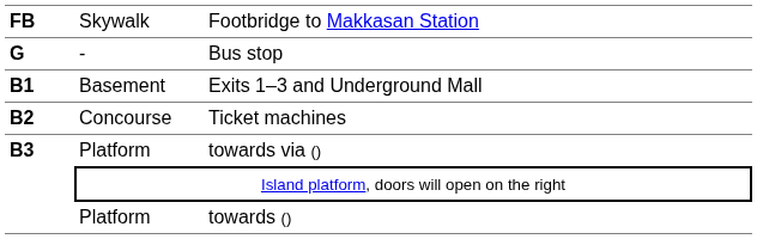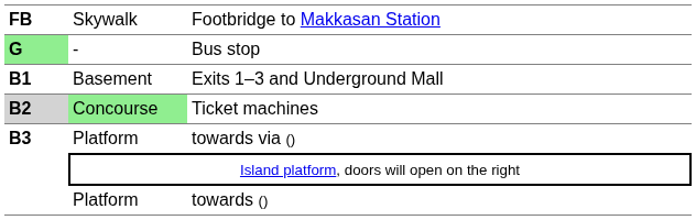 <table table border=0 cellspacing=0 cellpadding=4>
 <tr>
 <td style = "border-top:solid 1px gray;border-bottom:solid 1px gray;" valign=top><strong>FB</strong></td>
 <td style = "border-top:solid 1px gray;border-bottom:solid 1px gray;" valign=top>Skywalk</td>
 <td style = "border-top:solid 1px gray;border-bottom:solid 1px gray;" valign=top>Footbridge to <a href='#'>Makkasan Station</a></td>
 </tr>
 <tr>
-<td style = "border-bottom:solid 1px gray;" rowspan=1 valign=top><strong>G</strong></td>
+<td style = "background: lightgreen; border-bottom:solid 1px gray;" rowspan=1 valign=top><strong>G</strong></td>
 <td style = "border-bottom:solid 1px gray;" valign=top>-</td>
 <td style = "border-bottom:solid 1px gray;" valign=top>Bus stop</td>
 </tr>
 <tr>
 <td style = "border-bottom:solid 1px gray;" rowspan=1 valign=top><strong>B1</strong></td>
 <td style = "border-bottom:solid 1px gray;" valign=top>Basement</td>
 <td style = "border-bottom:solid 1px gray;" valign=top>Exits 1–3 and Underground Mall</td>
 </tr>
 <tr>
-<td style = "border-bottom:solid 1px gray;" rowspan=1 valign=top><strong>B2</strong></td>
-<td style = "border-bottom:solid 1px gray;" valign=top>Concourse</td>
+<td style = "background: lightgrey; border-bottom:solid 1px gray;" rowspan=1 valign=top><strong>B2</strong></td>
+<td style = "background: lightgreen; border-bottom:solid 1px gray;" valign=top>Concourse</td>
 <td style = "border-bottom:solid 1px gray;" valign=top>Ticket machines</td>
 </tr>
 <tr>
 <td style="border-bottom:solid 1px gray;" rowspan=3 valign=top width=50><strong>B3</strong></td>
 <td width=100>Platform </td>
 <td width=450> towards  via  <small>()</small></td>
 </tr>
 <tr>
 <td style = "border-top:solid 2px black;border-right:solid 2px black;border-left:solid 2px black;border-bottom:solid 2px black; text-align:center;" colspan=2><small><a href='#'>Island platform</a>, doors will open on the right</small></td>
 </tr>
 <tr>
 <td style="border-bottom:solid 1px gray;" width=100>Platform </td>
 <td style="border-bottom:solid 1px gray;" width=450> towards  <small>()</small></td>
 </tr>
 </table>
